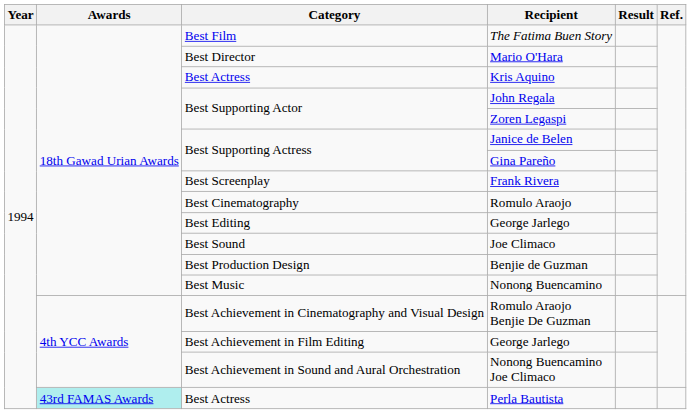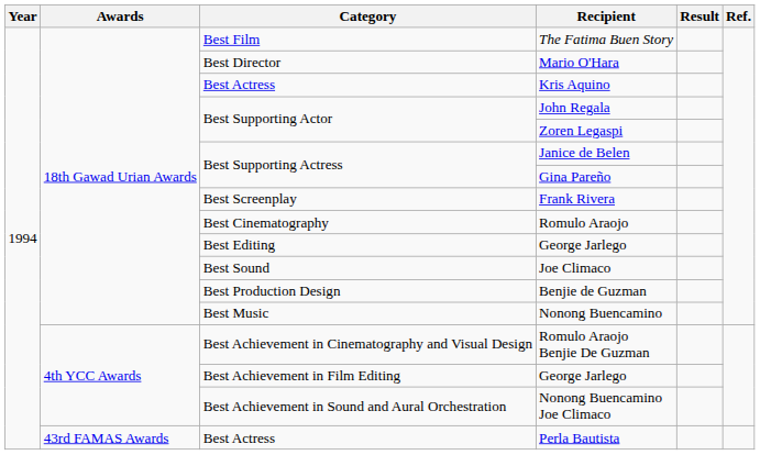 <table class="wikitable">
 <tr>
 <th>Year</th>
 <th>Awards</th>
 <th>Category</th>
 <th>Recipient</th>
 <th>Result</th>
 <th>Ref.</th>
 </tr>
 <tr>
 <td rowspan="17">1994</td>
 <td rowspan="13"><a href='#'>18th Gawad Urian Awards</a></td>
 <td><a href='#'>Best Film</a></td>
 <td><em>The Fatima Buen Story</em></td>
 <td></td>
 <td rowspan="13"></td>
 </tr>
 <tr>
 <td>Best Director</td>
 <td><a href='#'>Mario O'Hara</a></td>
 <td></td>
 </tr>
 <tr>
 <td><a href='#'>Best Actress</a></td>
 <td><a href='#'>Kris Aquino</a></td>
 <td></td>
 </tr>
 <tr>
 <td rowspan="2">Best Supporting Actor</td>
 <td><a href='#'>John Regala</a></td>
 <td></td>
 </tr>
 <tr>
 <td><a href='#'>Zoren Legaspi</a></td>
 <td></td>
 </tr>
 <tr>
 <td rowspan="2">Best Supporting Actress</td>
 <td><a href='#'>Janice de Belen</a></td>
 <td></td>
 </tr>
 <tr>
 <td><a href='#'>Gina Pareño</a></td>
 <td></td>
 </tr>
 <tr>
 <td>Best Screenplay</td>
 <td><a href='#'>Frank Rivera</a></td>
 <td></td>
 </tr>
 <tr>
 <td>Best Cinematography</td>
 <td>Romulo Araojo</td>
 <td></td>
 </tr>
 <tr>
 <td>Best Editing</td>
 <td>George Jarlego</td>
 <td></td>
 </tr>
 <tr>
 <td>Best Sound</td>
 <td>Joe Climaco</td>
 <td></td>
 </tr>
 <tr>
 <td>Best Production Design</td>
 <td>Benjie de Guzman</td>
 <td></td>
 </tr>
 <tr>
 <td>Best Music</td>
 <td>Nonong Buencamino</td>
 <td></td>
 </tr>
 <tr>
 <td rowspan="3"><a href='#'>4th YCC Awards</a></td>
 <td>Best Achievement in Cinematography and Visual Design</td>
 <td>Romulo Araojo<br>Benjie De Guzman</td>
 <td></td>
 <td rowspan="3"></td>
 </tr>
 <tr>
 <td>Best Achievement in Film Editing</td>
 <td>George Jarlego</td>
 <td></td>
 </tr>
 <tr>
 <td>Best Achievement in Sound and Aural Orchestration</td>
 <td>Nonong Buencamino<br>Joe Climaco</td>
 <td></td>
 </tr>
 <tr>
-<td style="background: paleturquoise;"><a href='#'>43rd FAMAS Awards</a></td>
+<td><a href='#'>43rd FAMAS Awards</a></td>
 <td>Best Actress</td>
 <td><a href='#'>Perla Bautista</a></td>
 <td></td>
 <td></td>
 </tr>
 </table>
